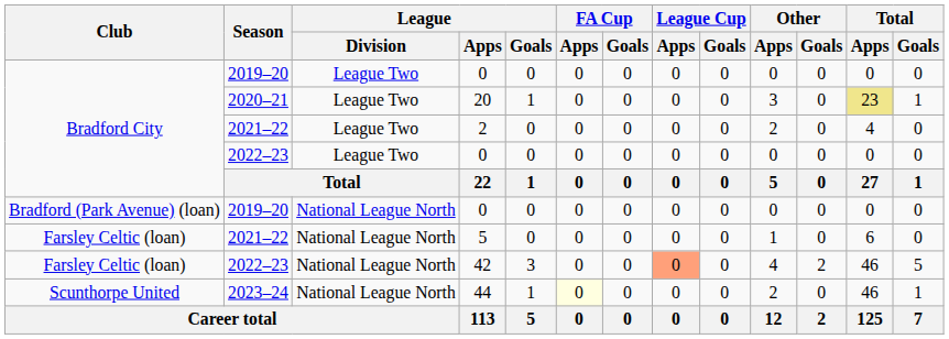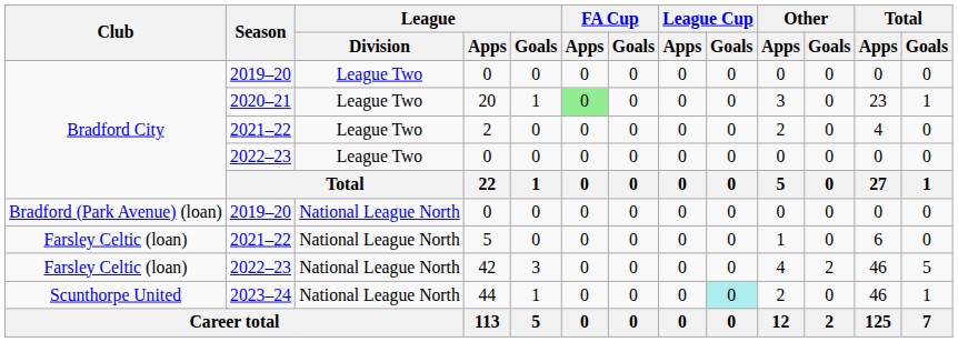 <table class=wikitable style="text-align: center">
 <tr>
 <th rowspan=2>Club</th>
 <th rowspan=2>Season</th>
 <th colspan=3>League</th>
 <th colspan=2><a href='#'>FA Cup</a></th>
 <th colspan=2><a href='#'>League Cup</a></th>
 <th colspan=2>Other</th>
 <th colspan=2>Total</th>
 </tr>
 <tr>
 <th>Division</th>
 <th>Apps</th>
 <th>Goals</th>
 <th>Apps</th>
 <th>Goals</th>
 <th>Apps</th>
 <th>Goals</th>
 <th>Apps</th>
 <th>Goals</th>
 <th>Apps</th>
 <th>Goals</th>
 </tr>
 <tr>
 <td rowspan=5><a href='#'>Bradford City</a></td>
 <td><a href='#'>2019–20</a></td>
 <td><a href='#'>League Two</a></td>
 <td>0</td>
 <td>0</td>
 <td>0</td>
 <td>0</td>
 <td>0</td>
 <td>0</td>
 <td>0</td>
 <td>0</td>
 <td>0</td>
 <td>0</td>
 </tr>
 <tr>
 <td><a href='#'>2020–21</a></td>
 <td>League Two</td>
 <td>20</td>
 <td>1</td>
-<td>0</td>
+<td style="background: lightgreen;">0</td>
 <td>0</td>
 <td>0</td>
 <td>0</td>
 <td>3</td>
 <td>0</td>
-<td style="background: khaki;">23</td>
+<td>23</td>
 <td>1</td>
 </tr>
 <tr>
 <td><a href='#'>2021–22</a></td>
 <td>League Two</td>
 <td>2</td>
 <td>0</td>
 <td>0</td>
 <td>0</td>
 <td>0</td>
 <td>0</td>
 <td>2</td>
 <td>0</td>
 <td>4</td>
 <td>0</td>
 </tr>
 <tr>
 <td><a href='#'>2022–23</a></td>
 <td>League Two</td>
 <td>0</td>
 <td>0</td>
 <td>0</td>
 <td>0</td>
 <td>0</td>
 <td>0</td>
 <td>0</td>
 <td>0</td>
 <td>0</td>
 <td>0</td>
 </tr>
 <tr>
 <th colspan=2>Total</th>
 <th>22</th>
 <th>1</th>
 <th>0</th>
 <th>0</th>
 <th>0</th>
 <th>0</th>
 <th>5</th>
 <th>0</th>
 <th>27</th>
 <th>1</th>
 </tr>
 <tr>
 <td><a href='#'>Bradford (Park Avenue)</a> (loan)</td>
 <td><a href='#'>2019–20</a></td>
 <td><a href='#'>National League North</a></td>
 <td>0</td>
 <td>0</td>
 <td>0</td>
 <td>0</td>
 <td>0</td>
 <td>0</td>
 <td>0</td>
 <td>0</td>
 <td>0</td>
 <td>0</td>
 </tr>
 <tr>
 <td><a href='#'>Farsley Celtic</a> (loan)</td>
 <td><a href='#'>2021–22</a></td>
 <td>National League North</td>
 <td>5</td>
 <td>0</td>
 <td>0</td>
 <td>0</td>
 <td>0</td>
 <td>0</td>
 <td>1</td>
 <td>0</td>
 <td>6</td>
 <td>0</td>
 </tr>
 <tr>
 <td><a href='#'>Farsley Celtic</a> (loan)</td>
 <td><a href='#'>2022–23</a></td>
 <td>National League North</td>
 <td>42</td>
 <td>3</td>
 <td>0</td>
 <td>0</td>
-<td style="background: lightsalmon;">0</td>
+<td>0</td>
 <td>0</td>
 <td>4</td>
 <td>2</td>
 <td>46</td>
 <td>5</td>
 </tr>
 <tr>
 <td><a href='#'>Scunthorpe United</a></td>
 <td><a href='#'>2023–24</a></td>
 <td>National League North</td>
 <td>44</td>
 <td>1</td>
-<td style="background: lightyellow;">0</td>
 <td>0</td>
 <td>0</td>
 <td>0</td>
+<td style="background: paleturquoise;">0</td>
 <td>2</td>
 <td>0</td>
 <td>46</td>
 <td>1</td>
 </tr>
 <tr>
 <th colspan=3>Career total</th>
 <th>113</th>
 <th>5</th>
 <th>0</th>
 <th>0</th>
 <th>0</th>
 <th>0</th>
 <th>12</th>
 <th>2</th>
 <th>125</th>
 <th>7</th>
 </tr>
 </table>
